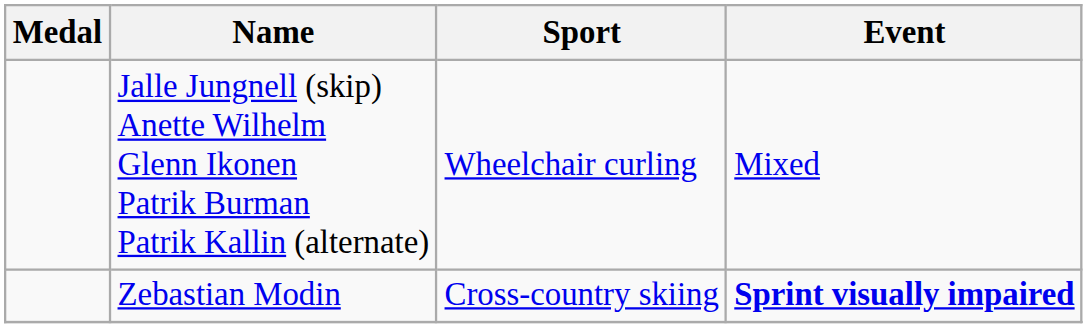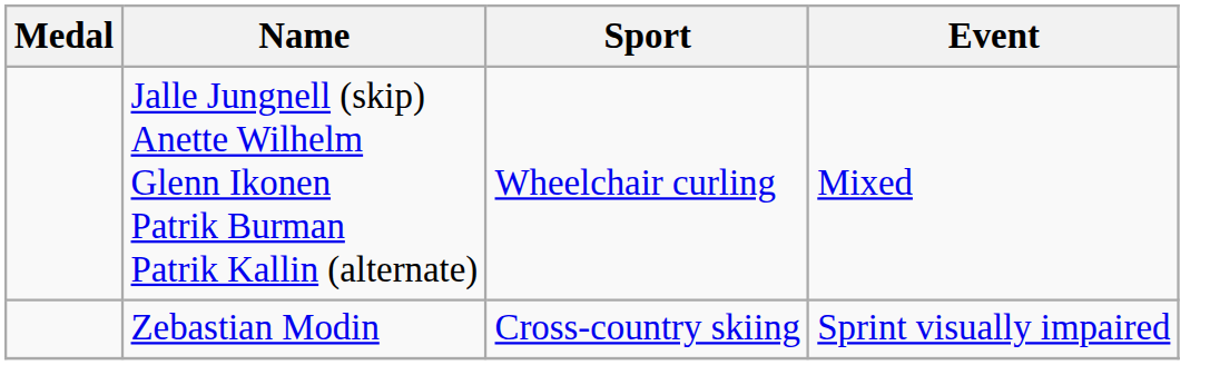 <table class="wikitable sortable" style="font-size:90%">
 <tr>
 <th>Medal</th>
 <th>Name</th>
 <th>Sport</th>
 <th>Event</th>
 </tr>
 <tr>
 <td></td>
 <td><a href='#'>Jalle Jungnell</a> (skip)<br><a href='#'>Anette Wilhelm</a><br><a href='#'>Glenn Ikonen</a><br><a href='#'>Patrik Burman</a><br><a href='#'>Patrik Kallin</a> (alternate)</td>
 <td><a href='#'>Wheelchair curling</a></td>
 <td><a href='#'>Mixed</a></td>
 </tr>
 <tr>
 <td></td>
 <td><a href='#'>Zebastian Modin</a></td>
 <td><a href='#'>Cross-country skiing</a></td>
-<td><strong><a href='#'>Sprint visually impaired</a></strong></td>
+<td><a href='#'>Sprint visually impaired</a></td>
 </tr>
 <tr>
 </tr>
 </table>
